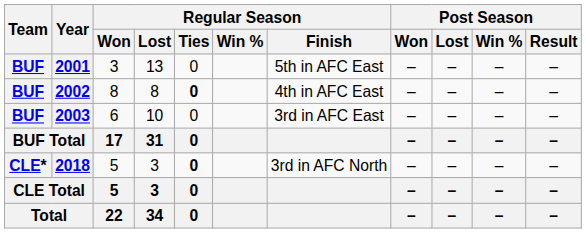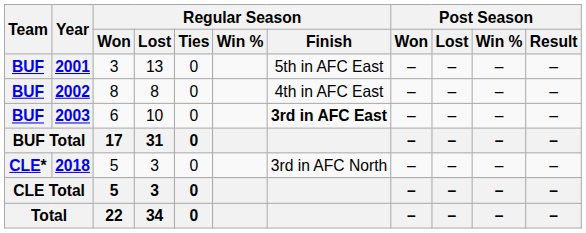 <table class="wikitable" style="font-size: 95%; text-align:center;">
 <tr>
 <th rowspan="2">Team</th>
 <th rowspan="2">Year</th>
 <th colspan="5">Regular Season</th>
 <th colspan="4">Post Season</th>
 </tr>
 <tr>
 <th>Won</th>
 <th>Lost</th>
 <th>Ties</th>
 <th>Win %</th>
 <th>Finish</th>
 <th>Won</th>
 <th>Lost</th>
 <th>Win %</th>
 <th>Result</th>
 </tr>
 <tr>
 <th><a href='#'>BUF</a></th>
 <th><a href='#'>2001</a></th>
 <td>3</td>
 <td>13</td>
 <td>0</td>
 <td></td>
 <td>5th in AFC East</td>
 <td>–</td>
 <td>–</td>
 <td>–</td>
 <td>–</td>
 </tr>
 <tr>
 <th><a href='#'>BUF</a></th>
 <th><a href='#'>2002</a></th>
 <td>8</td>
 <td>8</td>
-<td><strong>0</strong></td>
+<td>0</td>
 <td></td>
 <td>4th in AFC East</td>
 <td>–</td>
 <td>–</td>
 <td>–</td>
 <td>–</td>
 </tr>
 <tr>
 <th><a href='#'>BUF</a></th>
 <th><a href='#'>2003</a></th>
 <td>6</td>
 <td>10</td>
 <td>0</td>
 <td></td>
-<td>3rd in AFC East</td>
+<td><strong>3rd in AFC East</strong></td>
 <td>–</td>
 <td>–</td>
 <td>–</td>
 <td>–</td>
 </tr>
 <tr>
 <th colspan="2">BUF Total</th>
 <th>17</th>
 <th>31</th>
 <th>0</th>
 <th></th>
 <th></th>
 <th>–</th>
 <th>–</th>
 <th>–</th>
 <th>–</th>
 </tr>
 <tr>
 <th><a href='#'>CLE</a>*</th>
 <th><a href='#'>2018</a></th>
 <td>5</td>
 <td>3</td>
-<td><strong>0</strong></td>
+<td>0</td>
 <td></td>
 <td>3rd in AFC North</td>
 <td>–</td>
 <td>–</td>
 <td>–</td>
 <td>–</td>
 </tr>
 <tr>
 <th colspan="2">CLE Total</th>
 <th>5</th>
 <th>3</th>
 <th>0</th>
 <th></th>
 <th></th>
 <th>–</th>
 <th>–</th>
 <th>–</th>
 <th>–</th>
 </tr>
 <tr>
 <th colspan="2">Total</th>
 <th>22</th>
 <th>34</th>
 <th>0</th>
 <th></th>
 <th></th>
 <th>–</th>
 <th>–</th>
 <th>–</th>
 <th>–</th>
 </tr>
 </table>
